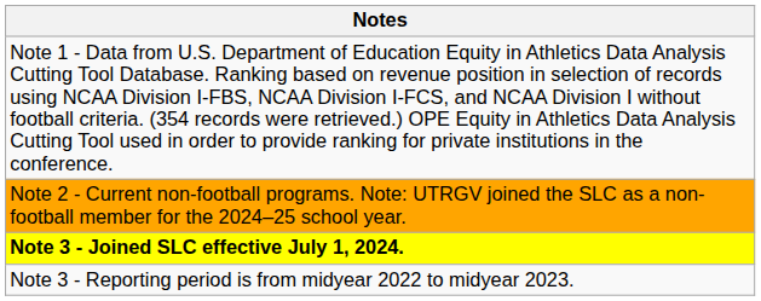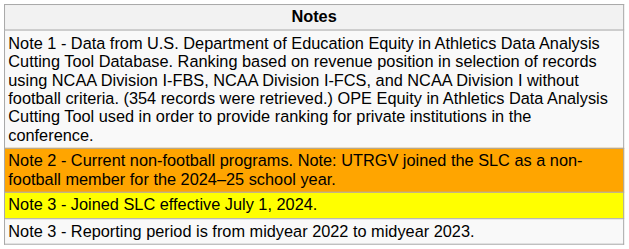 <table class="wikitable">
 <tr>
 <th style="width:775px;">Notes</th>
 </tr>
 <tr>
 <td>Note 1 -  Data from U.S. Department of Education Equity in Athletics Data Analysis Cutting Tool Database.  Ranking based on revenue position in selection of records using NCAA Division I-FBS, NCAA Division I-FCS, and NCAA Division I without football criteria.  (354 records were retrieved.)  OPE Equity in Athletics Data Analysis Cutting Tool used in order to provide ranking for private institutions in the conference.</td>
 </tr>
 <tr bgcolor=orange>
 <td>Note 2 - Current non-football programs.  Note: UTRGV joined the SLC as a non-football member for the 2024–25 school year.</td>
 </tr>
 <tr bgcolor=yellow>
-<td><strong>Note 3 - Joined SLC effective July 1, 2024.</strong></td>
+<td>Note 3 - Joined SLC effective July 1, 2024.</td>
 </tr>
 <tr>
 <td>Note 3 - Reporting period is from midyear 2022 to midyear 2023.</td>
 </tr>
 </table>
